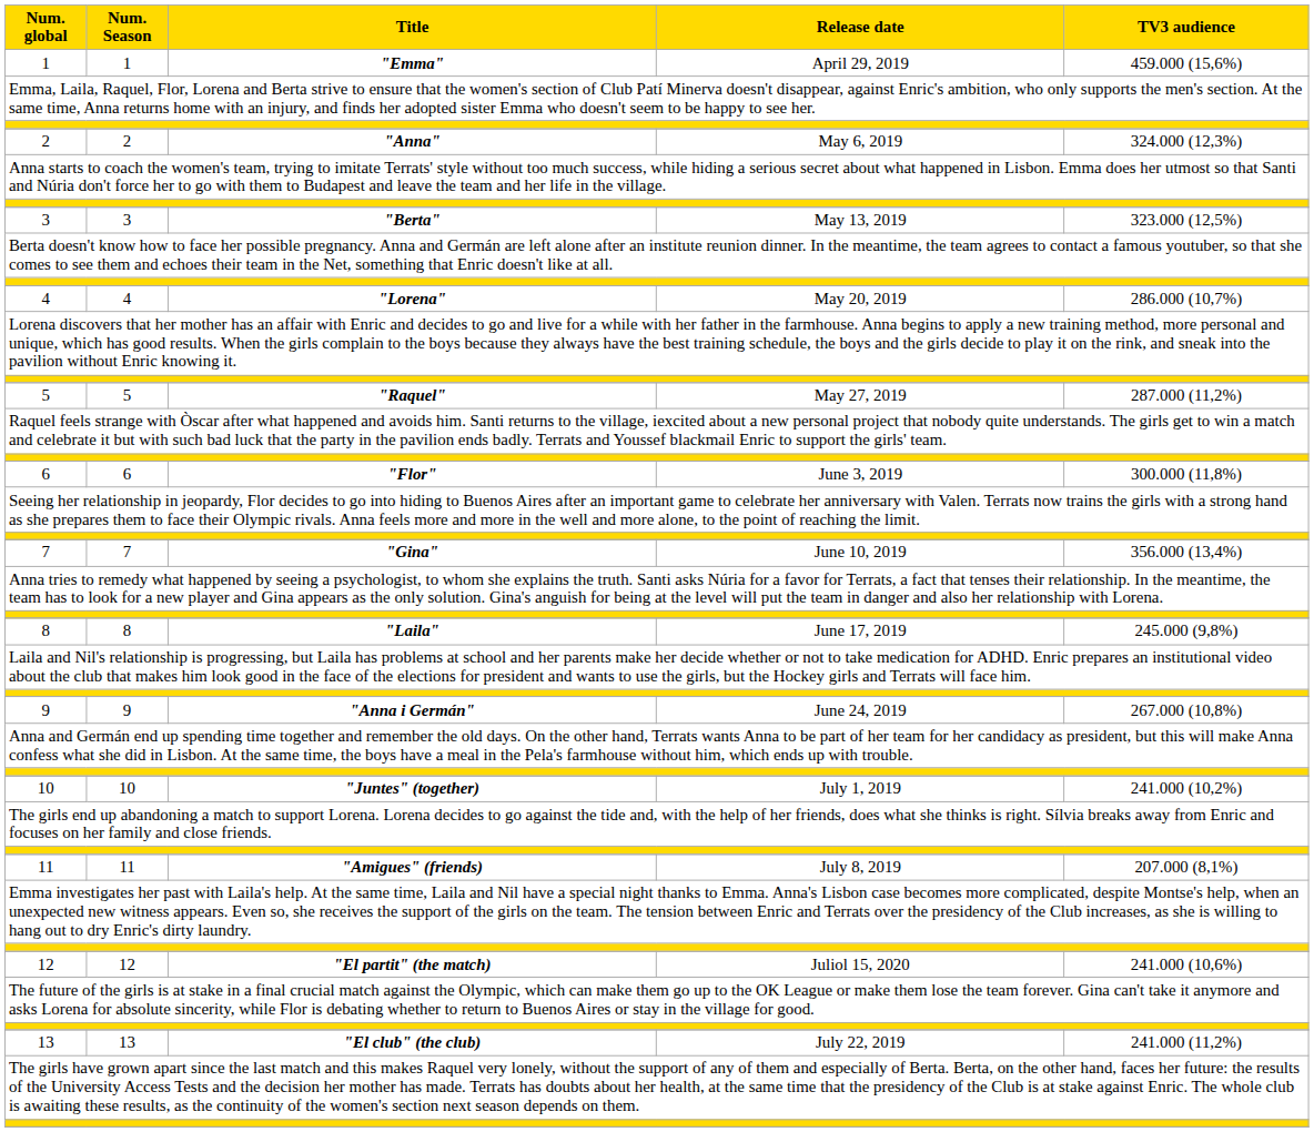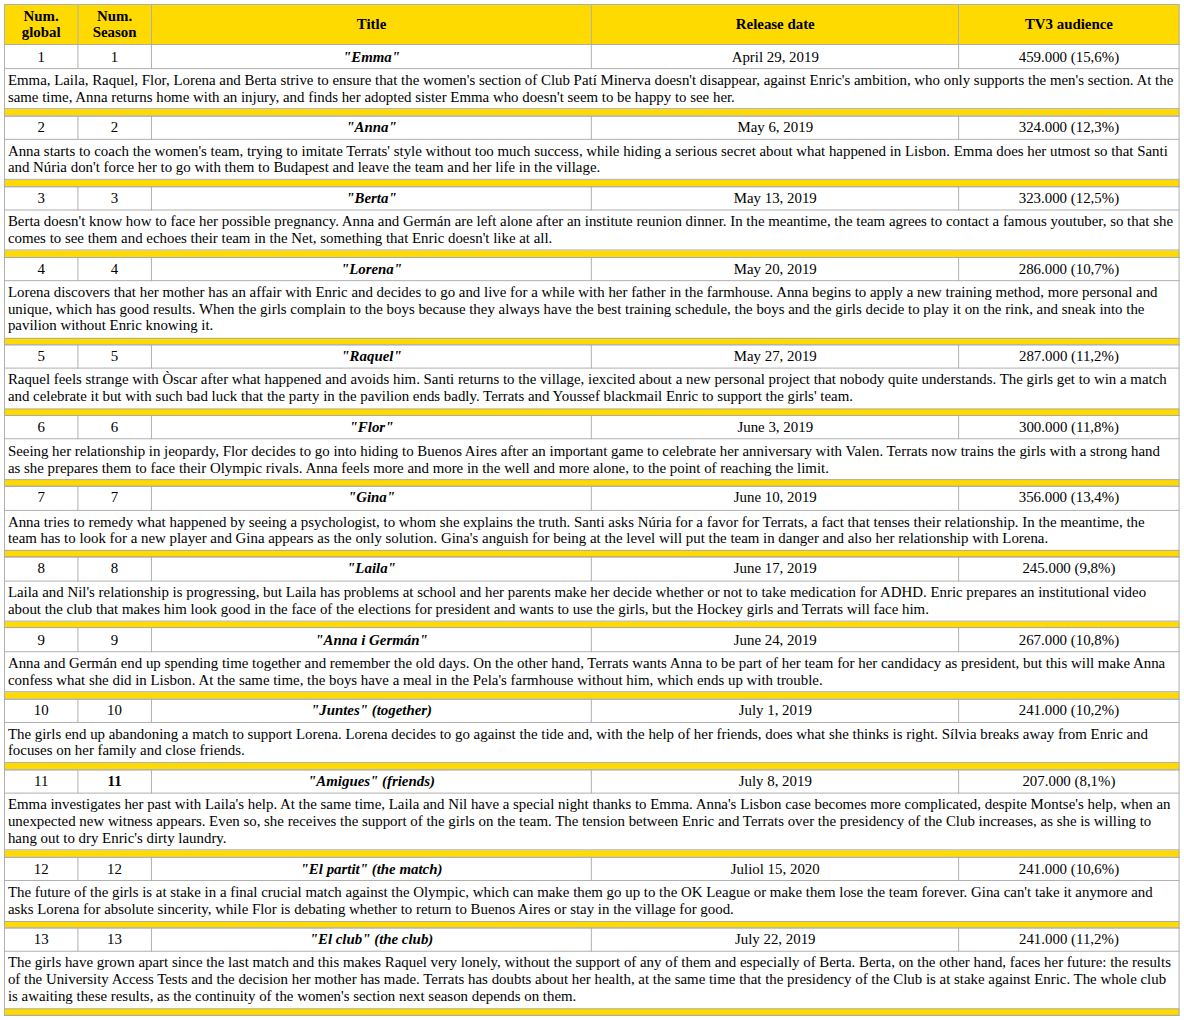 <table class="wikitable" style="width:100%; text-align:center; background:#FFFFFF;">
 <tr>
 <th style="background:#FFDA00;" width="5%">Num.<br>global</th>
 <th style="background:#FFDA00;" width="5%">Num. Season</th>
 <th style="background:#FFDA00;" width="30%">Title</th>
 <th style="background:#FFDA00;" width="25%">Release date</th>
 <th style="background:#FFDA00;" width="15%">TV3 audience</th>
 </tr>
 <tr>
 <td>1</td>
 <td>1</td>
 <td><strong><em>"Emma"</em></strong></td>
 <td>April 29, 2019</td>
 <td>459.000 (15,6%)</td>
 </tr>
 <tr>
 <td colspan="5" align="left">Emma, Laila, Raquel, Flor, Lorena and Berta strive to ensure that the women's section of Club Patí Minerva doesn't disappear, against Enric's ambition, who only supports the men's section. At the same time, Anna returns home with an injury, and finds her adopted sister Emma who doesn't seem to be happy to see her.</td>
 </tr>
 <tr>
 <td colspan="5" bgcolor="#FFDA00" width="10px"></td>
 </tr>
 <tr style="background-color: #FFFFEE">
 </tr>
 <tr>
 <td>2</td>
 <td>2</td>
 <td><strong><em>"Anna"</em></strong></td>
 <td>May 6, 2019</td>
 <td>324.000 (12,3%)</td>
 </tr>
 <tr>
 <td colspan="5" align="left">Anna starts to coach the women's team, trying to imitate Terrats' style without too much success, while hiding a serious secret about what happened in Lisbon. Emma does her utmost so that Santi and Núria don't force her to go with them to Budapest and leave the team and her life in the village.</td>
 </tr>
 <tr>
 <td colspan="5" bgcolor="#FFDA00" width="10px"></td>
 </tr>
 <tr style="background-color: #FFFFEE">
 </tr>
 <tr>
 <td>3</td>
 <td>3</td>
 <td><strong><em>"Berta"</em></strong></td>
 <td>May 13, 2019</td>
 <td>323.000 (12,5%)</td>
 </tr>
 <tr>
 <td colspan="5" align="left">Berta doesn't know how to face her possible pregnancy. Anna and Germán are left alone after an institute reunion dinner. In the meantime, the team agrees to contact a famous youtuber, so that she comes to see them and echoes their team in the Net, something that Enric doesn't like at all.</td>
 </tr>
 <tr>
 <td colspan="5" bgcolor="#FFDA00" width="10px"></td>
 </tr>
 <tr style="background-color: #FFFFEE">
 </tr>
 <tr>
 <td>4</td>
 <td>4</td>
 <td><strong><em>"Lorena"</em></strong></td>
 <td>May 20, 2019</td>
 <td>286.000 (10,7%)</td>
 </tr>
 <tr>
 <td colspan="5" align="left">Lorena discovers that her mother has an affair with Enric and decides to go and live for a while with her father in the farmhouse. Anna begins to apply a new training method, more personal and unique, which has good results. When the girls complain to the boys because they always have the best training schedule, the boys and the girls decide to play it on the rink, and sneak into the pavilion without Enric knowing it.</td>
 </tr>
 <tr>
 <td colspan="5" bgcolor="#FFDA00" width="10px"></td>
 </tr>
 <tr style="background-color: #FFFFEE">
 </tr>
 <tr>
 <td>5</td>
 <td>5</td>
 <td><strong><em>"Raquel"</em></strong></td>
 <td>May 27, 2019</td>
 <td>287.000 (11,2%)</td>
 </tr>
 <tr>
 <td colspan="5" align="left">Raquel feels strange with Òscar after what happened and avoids him. Santi returns to the village, iexcited about a new personal project that nobody quite understands. The girls get to win a match and celebrate it but with such bad luck that the party in the pavilion ends badly. Terrats and Youssef blackmail Enric to support the girls' team.</td>
 </tr>
 <tr>
 <td colspan="5" bgcolor="#FFDA00" width="10px"></td>
 </tr>
 <tr style="background-color: #FFFFEE">
 </tr>
 <tr>
 <td>6</td>
 <td>6</td>
 <td><strong><em>"Flor"</em></strong></td>
 <td>June 3, 2019</td>
 <td>300.000 (11,8%)</td>
 </tr>
 <tr>
 <td colspan="5" align="left">Seeing her relationship in jeopardy, Flor decides to go into hiding to Buenos Aires after an important game to celebrate her anniversary with Valen. Terrats now trains the girls with a strong hand as she prepares them to face their Olympic rivals. Anna feels more and more in the well and more alone, to the point of reaching the limit.</td>
 </tr>
 <tr>
 <td colspan="5" bgcolor="#FFDA00" width="10px"></td>
 </tr>
 <tr style="background-color: #FFFFEE">
 </tr>
 <tr>
 <td>7</td>
 <td>7</td>
 <td><strong><em>"Gina"</em></strong></td>
 <td>June 10, 2019</td>
 <td>356.000 (13,4%)</td>
 </tr>
 <tr>
 <td colspan="5" align="left">Anna tries to remedy what happened by seeing a psychologist, to whom she explains the truth. Santi asks Núria for a favor for Terrats, a fact that tenses their relationship. In the meantime, the team has to look for a new player and Gina appears as the only solution. Gina's anguish for being at the level will put the team in danger and also her relationship with Lorena.</td>
 </tr>
 <tr>
 <td colspan="5" bgcolor="#FFDA00" width="10px"></td>
 </tr>
 <tr style="background-color: #FFFFEE">
 </tr>
 <tr>
 <td>8</td>
 <td>8</td>
 <td><strong><em>"Laila"</em></strong></td>
 <td>June 17, 2019</td>
 <td>245.000 (9,8%)</td>
 </tr>
 <tr>
 <td colspan="5" align="left">Laila and Nil's relationship is progressing, but Laila has problems at school and her parents make her decide whether or not to take medication for ADHD. Enric prepares an institutional video about the club that makes him look good in the face of the elections for president and wants to use the girls, but the Hockey girls and Terrats will face him.</td>
 </tr>
 <tr>
 <td colspan="5" bgcolor="#FFDA00" width="10px"></td>
 </tr>
 <tr style="background-color: #FFFFEE">
 </tr>
 <tr>
 <td>9</td>
 <td>9</td>
 <td><strong><em>"Anna i Germán"</em></strong></td>
 <td>June 24, 2019</td>
 <td>267.000 (10,8%)</td>
 </tr>
 <tr>
 <td colspan="5" align="left">Anna and Germán end up spending time together and remember the old days. On the other hand, Terrats wants Anna to be part of her team for her candidacy as president, but this will make Anna confess what she did in Lisbon. At the same time, the boys have a meal in the Pela's farmhouse without him, which ends up with trouble.</td>
 </tr>
 <tr>
 <td colspan="5" bgcolor="#FFDA00" width="10px"></td>
 </tr>
 <tr style="background-color: #FFFFEE">
 </tr>
 <tr>
 <td>10</td>
 <td>10</td>
 <td><strong><em>"Juntes" (together)</em></strong></td>
 <td>July 1, 2019</td>
 <td>241.000 (10,2%)</td>
 </tr>
 <tr>
 <td colspan="5" align="left">The girls end up abandoning a match to support Lorena. Lorena decides to go against the tide and, with the help of her friends, does what she thinks is right. Sílvia breaks away from Enric and focuses on her family and close friends.</td>
 </tr>
 <tr>
 <td colspan="5" bgcolor="#FFDA00" width="10px"></td>
 </tr>
 <tr style="background-color: #FFFFEE">
 </tr>
 <tr>
 <td>11</td>
-<td>11</td>
+<td><strong>11</strong></td>
 <td><strong><em>"Amigues" (friends)</em></strong></td>
 <td>July 8, 2019</td>
 <td>207.000 (8,1%)</td>
 </tr>
 <tr>
 <td colspan="5" align="left">Emma investigates her past with Laila's help. At the same time, Laila and Nil have a special night thanks to Emma. Anna's Lisbon case becomes more complicated, despite Montse's help, when an unexpected new witness appears. Even so, she receives the support of the girls on the team. The tension between Enric and Terrats over the presidency of the Club increases, as she is willing to hang out to dry Enric's dirty laundry.</td>
 </tr>
 <tr>
 <td colspan="5" bgcolor="#FFDA00" width="10px"></td>
 </tr>
 <tr style="background-color: #FFFFEE">
 </tr>
 <tr>
 <td>12</td>
 <td>12</td>
 <td><strong><em>"El partit" (the match)</em></strong></td>
 <td>Juliol 15, 2020</td>
 <td>241.000 (10,6%)</td>
 </tr>
 <tr>
 <td colspan="5" align="left">The future of the girls is at stake in a final crucial match against the Olympic, which can make them go up to the OK League or make them lose the team forever. Gina can't take it anymore and asks Lorena for absolute sincerity, while Flor is debating whether to return to Buenos Aires or stay in the village for good.</td>
 </tr>
 <tr>
 <td colspan="5" bgcolor="#FFDA00" width="10px"></td>
 </tr>
 <tr style="background-color: #FFFFEE">
 </tr>
 <tr>
 <td>13</td>
 <td>13</td>
 <td><strong><em>"El club" (the club)</em></strong></td>
 <td>July 22, 2019</td>
 <td>241.000 (11,2%)</td>
 </tr>
 <tr>
 <td colspan="5" align="left">The girls have grown apart since the last match and this makes Raquel very lonely, without the support of any of them and especially of Berta. Berta, on the other hand, faces her future: the results of the University Access Tests and the decision her mother has made. Terrats has doubts about her health, at the same time that the presidency of the Club is at stake against Enric. The whole club is awaiting these results, as the continuity of the women's section next season depends on them.</td>
 </tr>
 <tr>
 <td colspan="5" bgcolor="#FFDA00" width="10px"></td>
 </tr>
 <tr style="background-color: #FFFFEE">
 </tr>
 </table>
